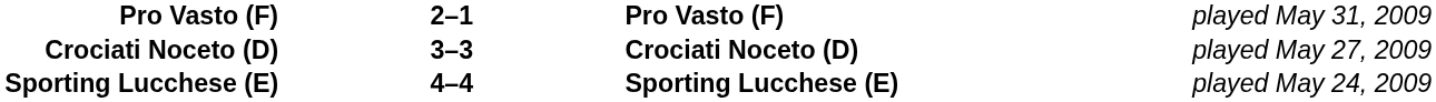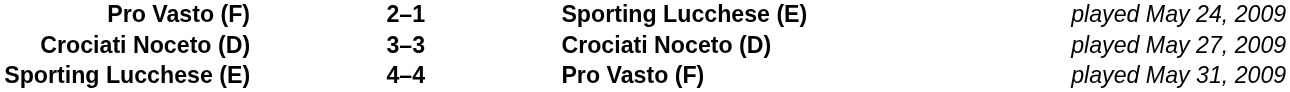 <table width="100%" cellspacing="1">
 <tr>
 <th width="20%"></th>
 <th width="12%"></th>
 <th width="20%"></th>
 <th width="20%"></th>
 <th></th>
 </tr>
 <tr style="font-size:90%;">
 <td align="right"><strong>Pro Vasto (F)</strong></td>
 <td align="center"><strong>2–1</strong></td>
-<td align="left"><strong>Pro Vasto (F)</strong></td>
-<td align="left"><em>played May 31, 2009</em></td>
+<td align="left"><strong>Sporting Lucchese (E)</strong></td>
+<td align="left"><em>played May 24, 2009</em></td>
 </tr>
 <tr style="font-size:90%;">
 <td align="right"><strong>Crociati Noceto (D)</strong></td>
 <td align="center"><strong>3–3</strong></td>
 <td align="left"><strong>Crociati Noceto (D)</strong></td>
 <td align="left"><em>played May 27, 2009</em></td>
 </tr>
 <tr style="font-size:90%;">
 <td align="right"><strong>Sporting Lucchese (E)</strong></td>
 <td align="center"><strong>4–4</strong></td>
-<td align="left"><strong>Sporting Lucchese (E)</strong></td>
-<td align="left"><em>played May 24, 2009</em></td>
+<td align="left"><strong>Pro Vasto (F)</strong></td>
+<td align="left"><em>played May 31, 2009</em></td>
 </tr>
 </table>
